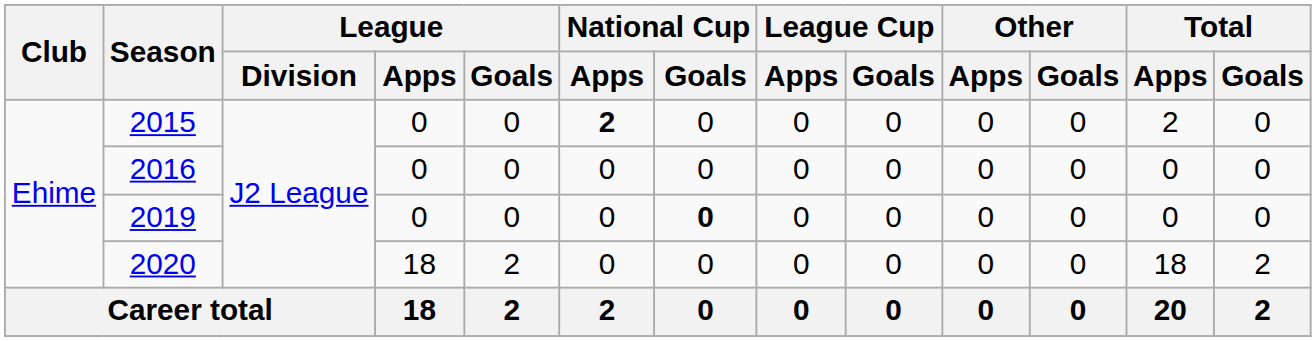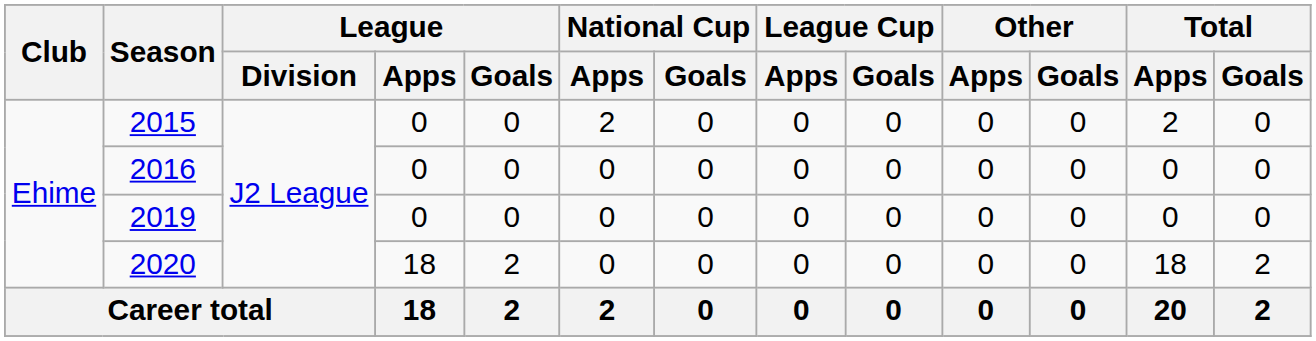 <table class="wikitable" style="text-align: center">
 <tr>
 <th rowspan="2">Club</th>
 <th rowspan="2">Season</th>
 <th colspan="3">League</th>
 <th colspan="2">National Cup</th>
 <th colspan="2">League Cup</th>
 <th colspan="2">Other</th>
 <th colspan="2">Total</th>
 </tr>
 <tr>
 <th>Division</th>
 <th>Apps</th>
 <th>Goals</th>
 <th>Apps</th>
 <th>Goals</th>
 <th>Apps</th>
 <th>Goals</th>
 <th>Apps</th>
 <th>Goals</th>
 <th>Apps</th>
 <th>Goals</th>
 </tr>
 <tr>
 <td rowspan="4"><a href='#'>Ehime</a></td>
 <td><a href='#'>2015</a></td>
 <td rowspan="4"><a href='#'>J2 League</a></td>
 <td>0</td>
 <td>0</td>
-<td><strong>2</strong></td>
+<td>2</td>
 <td>0</td>
 <td>0</td>
 <td>0</td>
 <td>0</td>
 <td>0</td>
 <td>2</td>
 <td>0</td>
 </tr>
 <tr>
 <td><a href='#'>2016</a></td>
 <td>0</td>
 <td>0</td>
 <td>0</td>
 <td>0</td>
 <td>0</td>
 <td>0</td>
 <td>0</td>
 <td>0</td>
 <td>0</td>
 <td>0</td>
 </tr>
 <tr>
 <td><a href='#'>2019</a></td>
 <td>0</td>
 <td>0</td>
 <td>0</td>
-<td><strong>0</strong></td>
+<td>0</td>
 <td>0</td>
 <td>0</td>
 <td>0</td>
 <td>0</td>
 <td>0</td>
 <td>0</td>
 </tr>
 <tr>
 <td><a href='#'>2020</a></td>
 <td>18</td>
 <td>2</td>
 <td>0</td>
 <td>0</td>
 <td>0</td>
 <td>0</td>
 <td>0</td>
 <td>0</td>
 <td>18</td>
 <td>2</td>
 </tr>
 <tr>
 <th colspan=3>Career total</th>
 <th>18</th>
 <th>2</th>
 <th>2</th>
 <th>0</th>
 <th>0</th>
 <th>0</th>
 <th>0</th>
 <th>0</th>
 <th>20</th>
 <th>2</th>
 </tr>
 </table>
